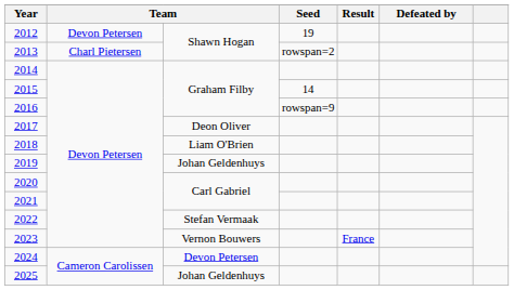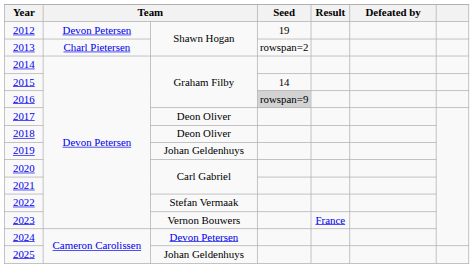 <table class="wikitable" style="text-align: center;">
 <tr style= "background: #e2e2e2;">
 </tr>
 <tr style="background: #efefef;">
 <th width=50px>Year</th>
 <th colspan="2">Team</th>
 <th width=50px>Seed</th>
 <th width=50px>Result</th>
 <th width=120px>Defeated by</th>
 <th width=40px></th>
 </tr>
 <tr>
 <td><a href='#'>2012</a></td>
 <td width=150px><a href='#'>Devon Petersen</a></td>
 <td rowspan=2 width=150px>Shawn Hogan</td>
 <td>19</td>
 <td></td>
 <td> </td>
 <td></td>
 </tr>
 <tr>
 <td><a href='#'>2013</a></td>
 <td><a href='#'>Charl Pietersen</a></td>
 <td>rowspan=2 </td>
 <td></td>
 <td> </td>
 <td></td>
 </tr>
 <tr>
 <td><a href='#'>2014</a></td>
 <td rowspan=10><a href='#'>Devon Petersen</a></td>
 <td rowspan=3>Graham Filby</td>
 <td></td>
 <td> </td>
 <td></td>
 </tr>
 <tr>
 <td><a href='#'>2015</a></td>
 <td>14</td>
 <td></td>
 <td> </td>
 <td></td>
 </tr>
 <tr>
 <td><a href='#'>2016</a></td>
-<td>rowspan=9 </td>
+<td style="background: lightgrey;">rowspan=9 </td>
 <td></td>
 <td> </td>
 <td></td>
 </tr>
 <tr>
 <td><a href='#'>2017</a></td>
 <td>Deon Oliver</td>
 <td></td>
 <td> </td>
 <td></td>
 </tr>
 <tr>
 <td><a href='#'>2018</a></td>
-<td>Liam O'Brien</td>
+<td>Deon Oliver</td>
 <td></td>
 <td> </td>
 <td></td>
 </tr>
 <tr>
 <td><a href='#'>2019</a></td>
 <td>Johan Geldenhuys</td>
 <td></td>
 <td> </td>
 <td></td>
 </tr>
 <tr>
 <td><a href='#'>2020</a></td>
 <td rowspan=2>Carl Gabriel</td>
 <td></td>
 <td> </td>
 <td></td>
 </tr>
 <tr>
 <td><a href='#'>2021</a></td>
 <td></td>
 <td> </td>
 <td></td>
 </tr>
 <tr>
 <td><a href='#'>2022</a></td>
 <td>Stefan Vermaak</td>
 <td></td>
 <td> </td>
 <td></td>
 </tr>
 <tr>
 <td><a href='#'>2023</a></td>
 <td>Vernon Bouwers</td>
 <td></td>
 <td> <a href='#'>France</a></td>
 <td></td>
 </tr>
 <tr>
 <td><a href='#'>2024</a></td>
 <td rowspan=2><a href='#'>Cameron Carolissen</a></td>
 <td><a href='#'>Devon Petersen</a></td>
 <td></td>
 <td> </td>
 <td></td>
 </tr>
 <tr>
 <td><a href='#'>2025</a></td>
 <td>Johan Geldenhuys</td>
 <td></td>
 <td></td>
 <td></td>
 <td></td>
 </tr>
 </table>
